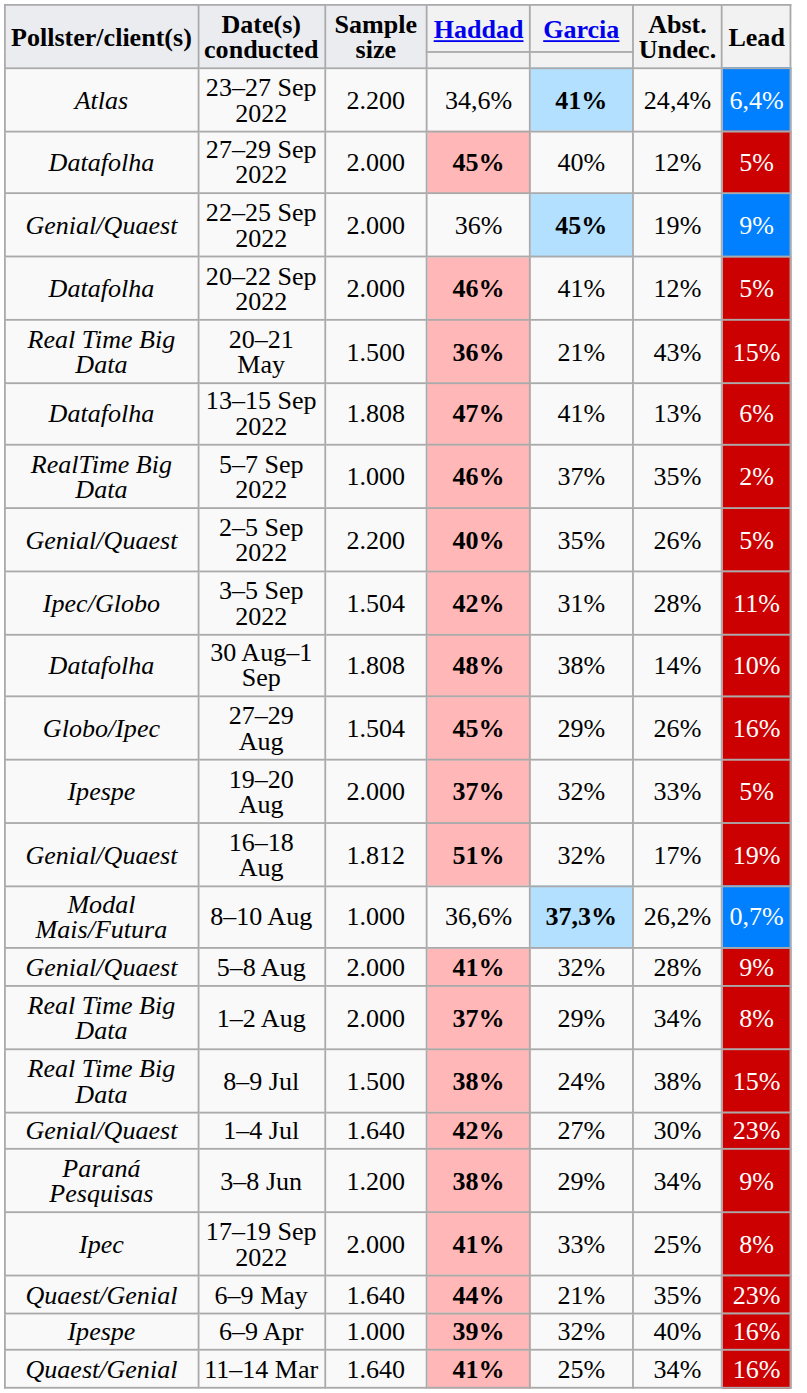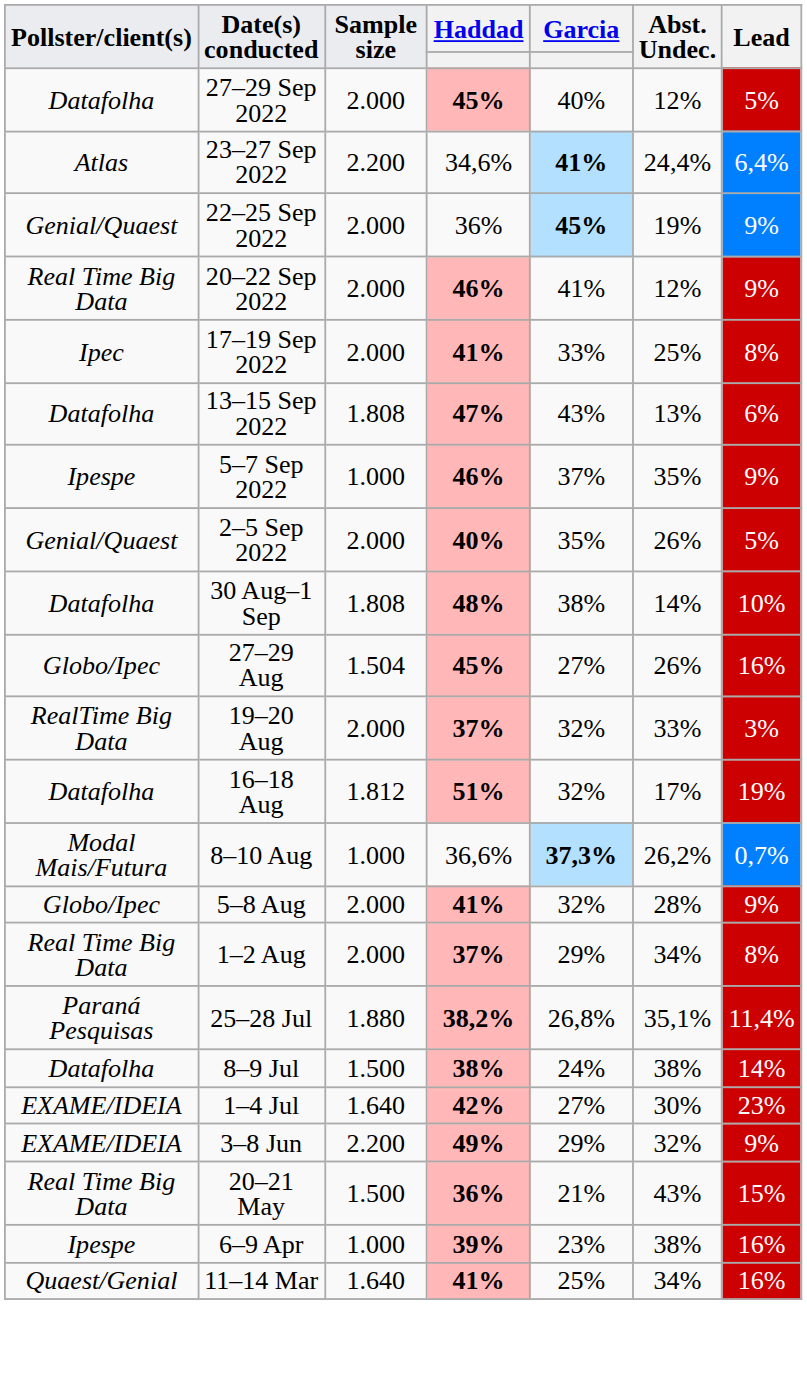 <table class="wikitable sortable" style="text-align:center;font-size:90%;line-height:14px;">
 <tr>
 <td rowspan="2" class="unsortable" style="width:50px;background:#eaecf0;"><strong>Pollster/client(s)</strong></td>
 <td rowspan="2" class="unsortable" style="width:50px;background:#eaecf0;"><strong>Date(s)<br>conducted</strong></td>
 <td rowspan="2" class="unsortable" style="width:50px;background:#eaecf0;"><strong>Sample<br>size</strong></td>
 <th class="unsortable" style="width:50px;"><a href='#'>Haddad</a><br></th>
 <th class="unsortable" style="width:50px;"><a href='#'>Garcia</a><br></th>
 <th rowspan="2" class="unsortable">Abst.<br>Undec.</th>
 <th rowspan="2" data-sort-type="number">Lead</th>
 </tr>
 <tr>
 <th data-sort-type="number" class="sortable" style="background:"></th>
 <th data-sort-type="number" class="sortable" style="background:"></th>
 </tr>
 <tr>
+<td><em>Datafolha</em></td>
+<td>27–29 Sep 2022</td>
+<td>2.000</td>
+<td style="background:#ffb7b7;"><strong>45%</strong></td>
+<td>40%</td>
+<td>12%</td>
+<td style="background:#CC0000;color:#FFFFFF;">5%</td>
+</tr>
+<tr>
 <td><em>Atlas</em></td>
 <td>23–27 Sep 2022</td>
 <td>2.200</td>
 <td>34,6%</td>
 <td style="background:#B3E0FF;"><strong>41%</strong></td>
 <td>24,4%</td>
 <td style="background:#0080FF;color:#FFFFFF;">6,4%</td>
-</tr>
-<tr>
-<td><em>Datafolha</em></td>
-<td>27–29 Sep 2022</td>
-<td>2.000</td>
-<td style="background:#ffb7b7;"><strong>45%</strong></td>
-<td>40%</td>
-<td>12%</td>
-<td style="background:#CC0000;color:#FFFFFF;">5%</td>
 </tr>
 <tr>
 <td><em>Genial/Quaest</em></td>
 <td>22–25 Sep 2022</td>
 <td>2.000</td>
 <td>36%</td>
 <td style="background:#B3E0FF;"><strong>45%</strong></td>
 <td>19%</td>
 <td style="background:#0080FF;color:#FFFFFF;">9%</td>
 </tr>
 <tr>
-<td><em>Datafolha</em></td>
+<td><em>Real Time Big Data</em></td>
 <td>20–22 Sep 2022</td>
 <td>2.000</td>
 <td style="background:#ffb7b7;"><strong>46%</strong></td>
 <td>41%</td>
 <td>12%</td>
-<td style="background:#CC0000;color:#FFFFFF;">5%</td>
+<td style="background:#CC0000;color:#FFFFFF;">9%</td>
 </tr>
 <tr>
-<td><em>Real Time Big Data</em></td>
-<td>20–21 May</td>
-<td>1.500</td>
-<td style="background:#ffb7b7;"><strong>36%</strong></td>
-<td>21%</td>
-<td>43%</td>
-<td style="background:#CC0000;color:#FFFFFF;">15%</td>
+<td><em>Ipec</em></td>
+<td>17–19 Sep 2022</td>
+<td>2.000</td>
+<td style="background:#ffb7b7;"><strong>41%</strong></td>
+<td>33%</td>
+<td>25%</td>
+<td style="background:#CC0000;color:#FFFFFF;">8%</td>
 </tr>
 <tr>
 <td><em>Datafolha</em></td>
 <td>13–15 Sep 2022</td>
 <td>1.808</td>
 <td style="background:#ffb7b7;"><strong>47%</strong></td>
-<td>41%</td>
+<td>43%</td>
 <td>13%</td>
 <td style="background:#CC0000;color:#FFFFFF;">6%</td>
 </tr>
 <tr>
-<td><em>RealTime Big Data</em></td>
+<td><em>Ipespe</em></td>
 <td>5–7 Sep 2022</td>
 <td>1.000</td>
 <td style="background:#ffb7b7;"><strong>46%</strong></td>
 <td>37%</td>
 <td>35%</td>
-<td style="background:#CC0000;color:#FFFFFF;">2%</td>
+<td style="background:#CC0000;color:#FFFFFF;">9%</td>
 </tr>
 <tr>
 <td><em>Genial/Quaest</em></td>
 <td>2–5 Sep 2022</td>
-<td>2.200</td>
+<td>2.000</td>
 <td style="background:#ffb7b7;"><strong>40%</strong></td>
 <td>35%</td>
 <td>26%</td>
 <td style="background:#CC0000;color:#FFFFFF;">5%</td>
-</tr>
-<tr>
-<td><em>Ipec/Globo</em></td>
-<td>3–5 Sep 2022</td>
-<td>1.504</td>
-<td style="background:#ffb7b7;"><strong>42%</strong></td>
-<td>31%</td>
-<td>28%</td>
-<td style="background:#CC0000;color:#FFFFFF;">11%</td>
 </tr>
 <tr>
 <td><em>Datafolha</em></td>
 <td>30 Aug–1 Sep</td>
 <td>1.808</td>
 <td style="background:#ffb7b7;"><strong>48%</strong></td>
 <td>38%</td>
 <td>14%</td>
 <td style="background:#CC0000;color:#FFFFFF;">10%</td>
 </tr>
 <tr>
 <td><em>Globo/Ipec</em></td>
 <td>27–29 Aug</td>
 <td>1.504</td>
 <td style="background:#ffb7b7;"><strong>45%</strong></td>
-<td>29%</td>
+<td>27%</td>
 <td>26%</td>
 <td style="background:#CC0000;color:#FFFFFF;">16%</td>
 </tr>
 <tr>
-<td><em>Ipespe</em></td>
+<td><em>RealTime Big Data</em></td>
 <td>19–20 Aug</td>
 <td>2.000</td>
 <td style="background:#ffb7b7;"><strong>37%</strong></td>
 <td>32%</td>
 <td>33%</td>
-<td style="background:#CC0000;color:#FFFFFF;">5%</td>
+<td style="background:#CC0000;color:#FFFFFF;">3%</td>
 </tr>
 <tr>
-<td><em>Genial/Quaest</em></td>
+<td><em>Datafolha</em></td>
 <td>16–18 Aug</td>
 <td>1.812</td>
 <td style="background:#ffb7b7;"><strong>51%</strong></td>
 <td>32%</td>
 <td>17%</td>
 <td style="background:#CC0000;color:#FFFFFF;">19%</td>
 </tr>
 <tr>
 <td><em>Modal Mais/Futura</em></td>
 <td>8–10 Aug</td>
 <td>1.000</td>
 <td>36,6%</td>
 <td style="background:#B3E0FF;"><strong>37,3%</strong></td>
 <td>26,2%</td>
 <td style="background:#0080FF;color:#FFFFFF;">0,7%</td>
 </tr>
 <tr>
-<td><em>Genial/Quaest</em></td>
+<td><em>Globo/Ipec</em></td>
 <td>5–8 Aug</td>
 <td>2.000</td>
 <td style="background:#ffb7b7;"><strong>41%</strong></td>
 <td>32%</td>
 <td>28%</td>
 <td style="background:#CC0000;color:#FFFFFF;">9%</td>
 </tr>
 <tr>
 <td><em>Real Time Big Data</em></td>
 <td>1–2 Aug</td>
 <td>2.000</td>
 <td style="background:#ffb7b7;"><strong>37%</strong></td>
 <td>29%</td>
 <td>34%</td>
 <td style="background:#CC0000;color:#FFFFFF;">8%</td>
 </tr>
 <tr>
-<td><em>Real Time Big Data</em></td>
+<td><em>Paraná Pesquisas</em></td>
+<td>25–28 Jul</td>
+<td>1.880</td>
+<td style="background:#ffb7b7;"><strong>38,2%</strong></td>
+<td>26,8%</td>
+<td>35,1%</td>
+<td style="background:#CC0000;color:#FFFFFF;">11,4%</td>
+</tr>
+<tr>
+<td><em>Datafolha</em></td>
 <td>8–9 Jul</td>
 <td>1.500</td>
 <td style="background:#ffb7b7;"><strong>38%</strong></td>
 <td>24%</td>
 <td>38%</td>
-<td style="background:#CC0000;color:#FFFFFF;">15%</td>
+<td style="background:#CC0000;color:#FFFFFF;">14%</td>
 </tr>
 <tr>
-<td><em>Genial/Quaest</em></td>
+<td><em>EXAME/IDEIA</em></td>
 <td>1–4 Jul</td>
 <td>1.640</td>
 <td style="background:#ffb7b7;"><strong>42%</strong></td>
 <td>27%</td>
 <td>30%</td>
 <td style="background:#CC0000;color:#FFFFFF;">23%</td>
 </tr>
 <tr>
-<td><em>Paraná Pesquisas</em></td>
+<td><em>EXAME/IDEIA</em></td>
 <td>3–8 Jun</td>
-<td>1.200</td>
-<td style="background:#ffb7b7;"><strong>38%</strong></td>
+<td>2.200</td>
+<td style="background:#ffb7b7;"><strong>49%</strong></td>
 <td>29%</td>
-<td>34%</td>
+<td>32%</td>
 <td style="background:#CC0000;color:#FFFFFF;">9%</td>
 </tr>
 <tr>
-<td><em>Ipec</em></td>
-<td>17–19 Sep 2022</td>
-<td>2.000</td>
-<td style="background:#ffb7b7;"><strong>41%</strong></td>
-<td>33%</td>
-<td>25%</td>
-<td style="background:#CC0000;color:#FFFFFF;">8%</td>
-</tr>
-<tr>
-<td><em>Quaest/Genial</em></td>
-<td>6–9 May</td>
-<td>1.640</td>
-<td style="background:#ffb7b7;"><strong>44%</strong></td>
+<td><em>Real Time Big Data</em></td>
+<td>20–21 May</td>
+<td>1.500</td>
+<td style="background:#ffb7b7;"><strong>36%</strong></td>
 <td>21%</td>
-<td>35%</td>
-<td style="background:#CC0000;color:#FFFFFF;">23%</td>
+<td>43%</td>
+<td style="background:#CC0000;color:#FFFFFF;">15%</td>
 </tr>
 <tr>
 <td><em>Ipespe</em></td>
 <td>6–9 Apr</td>
 <td>1.000</td>
 <td style="background:#ffb7b7;"><strong>39%</strong></td>
-<td>32%</td>
-<td>40%</td>
+<td>23%</td>
+<td>38%</td>
 <td style="background:#CC0000;color:#FFFFFF;">16%</td>
 </tr>
 <tr>
 <td><em>Quaest/Genial</em></td>
 <td>11–14 Mar</td>
 <td>1.640</td>
 <td style="background:#ffb7b7;"><strong>41%</strong></td>
 <td>25%</td>
 <td>34%</td>
 <td style="background:#CC0000;color:#FFFFFF;">16%</td>
 </tr>
 </table>
